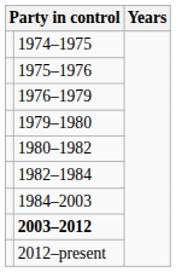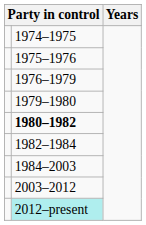 <table class="wikitable">
 <tr>
 <th colspan=2>Party in control</th>
 <th>Years</th>
 </tr>
 <tr>
 <td></td>
 <td>1974–1975</td>
 </tr>
 <tr>
 <td></td>
 <td>1975–1976</td>
 </tr>
 <tr>
 <td></td>
 <td>1976–1979</td>
 </tr>
 <tr>
 <td></td>
 <td>1979–1980</td>
 </tr>
 <tr>
 <td></td>
-<td>1980–1982</td>
+<td><strong>1980–1982</strong></td>
 </tr>
 <tr>
 <td></td>
 <td>1982–1984</td>
 </tr>
 <tr>
 <td></td>
 <td>1984–2003</td>
 </tr>
 <tr>
 <td></td>
-<td><strong>2003–2012</strong></td>
+<td>2003–2012</td>
 </tr>
 <tr>
 <td></td>
-<td>2012–present</td>
+<td style="background: paleturquoise;">2012–present</td>
 </tr>
 </table>
